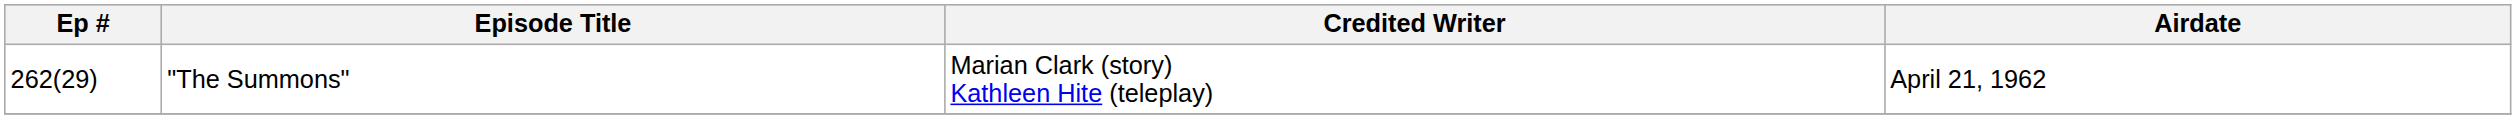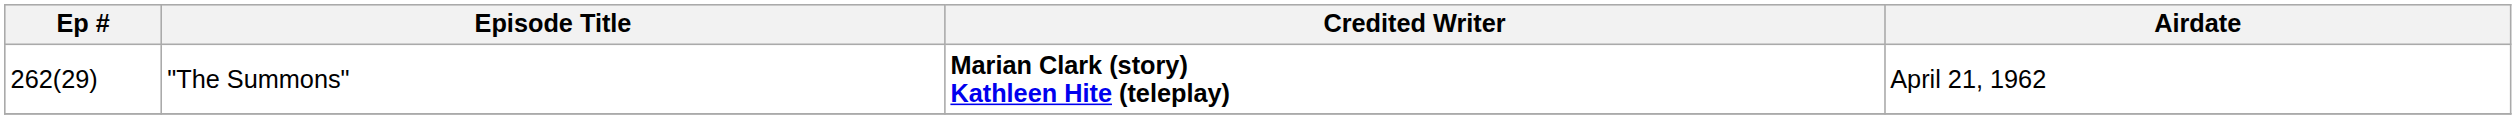 <table class=wikitable width=80%>
 <tr>
 <th width=5%>Ep #</th>
 <th width=25%>Episode Title</th>
 <th width=30%>Credited Writer</th>
 <th width=20%>Airdate</th>
 </tr>
 <tr bgcolor=#FFFFFF>
 <td>262(29)</td>
 <td>"The Summons"</td>
-<td>Marian Clark (story)<br><a href='#'>Kathleen Hite</a> (teleplay)</td>
+<td><strong>Marian Clark (story)<br><a href='#'>Kathleen Hite</a> (teleplay)</strong></td>
 <td>April 21, 1962</td>
 </tr>
 <tr bgcolor=#FFFFFF>
 </tr>
 </table>
